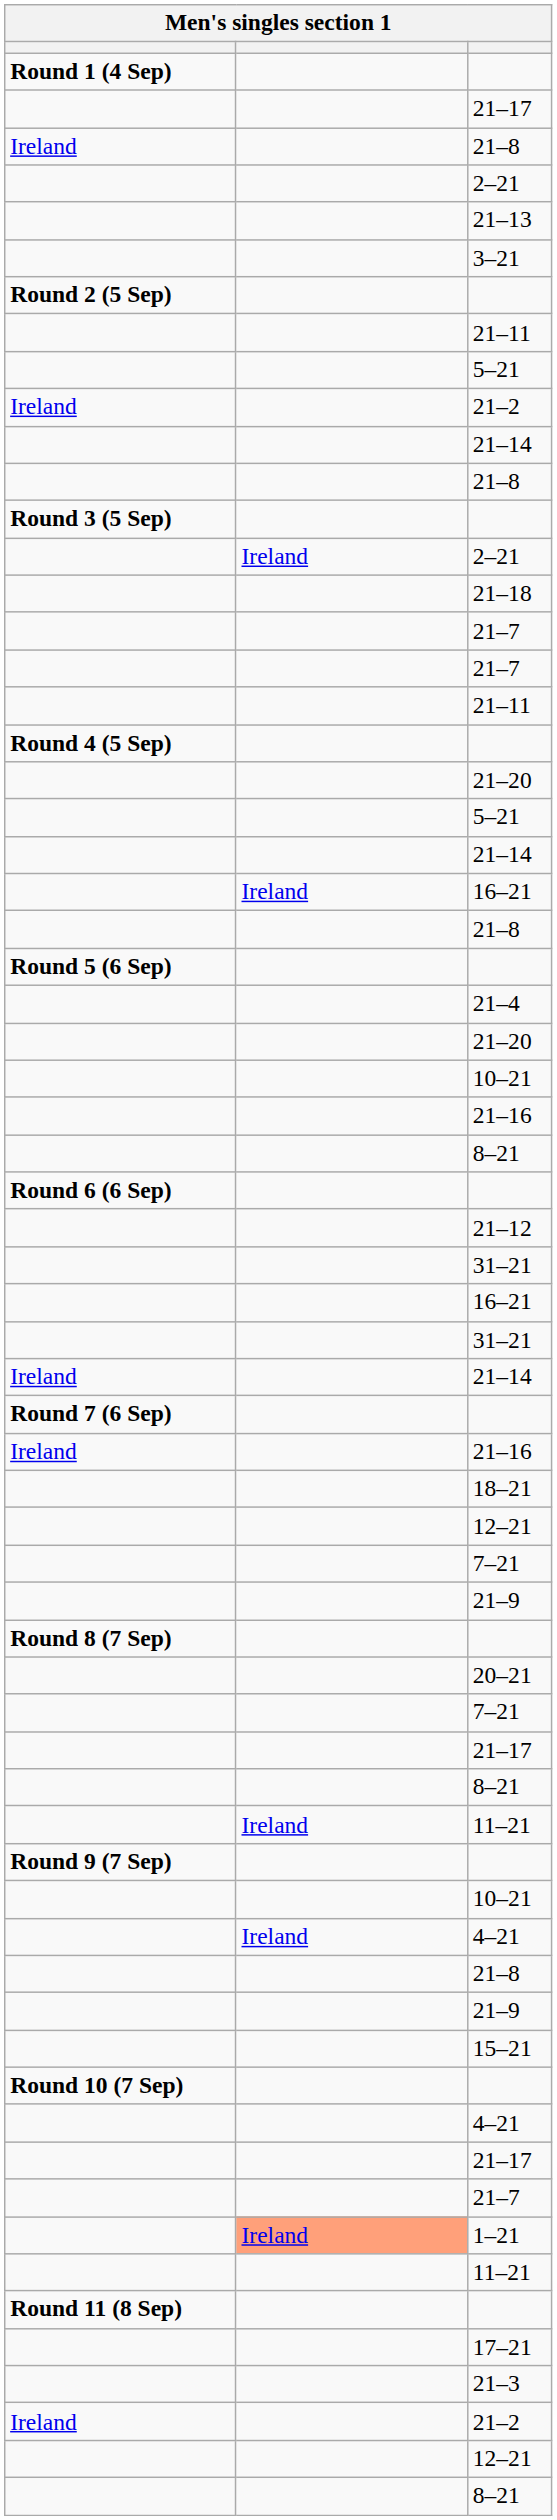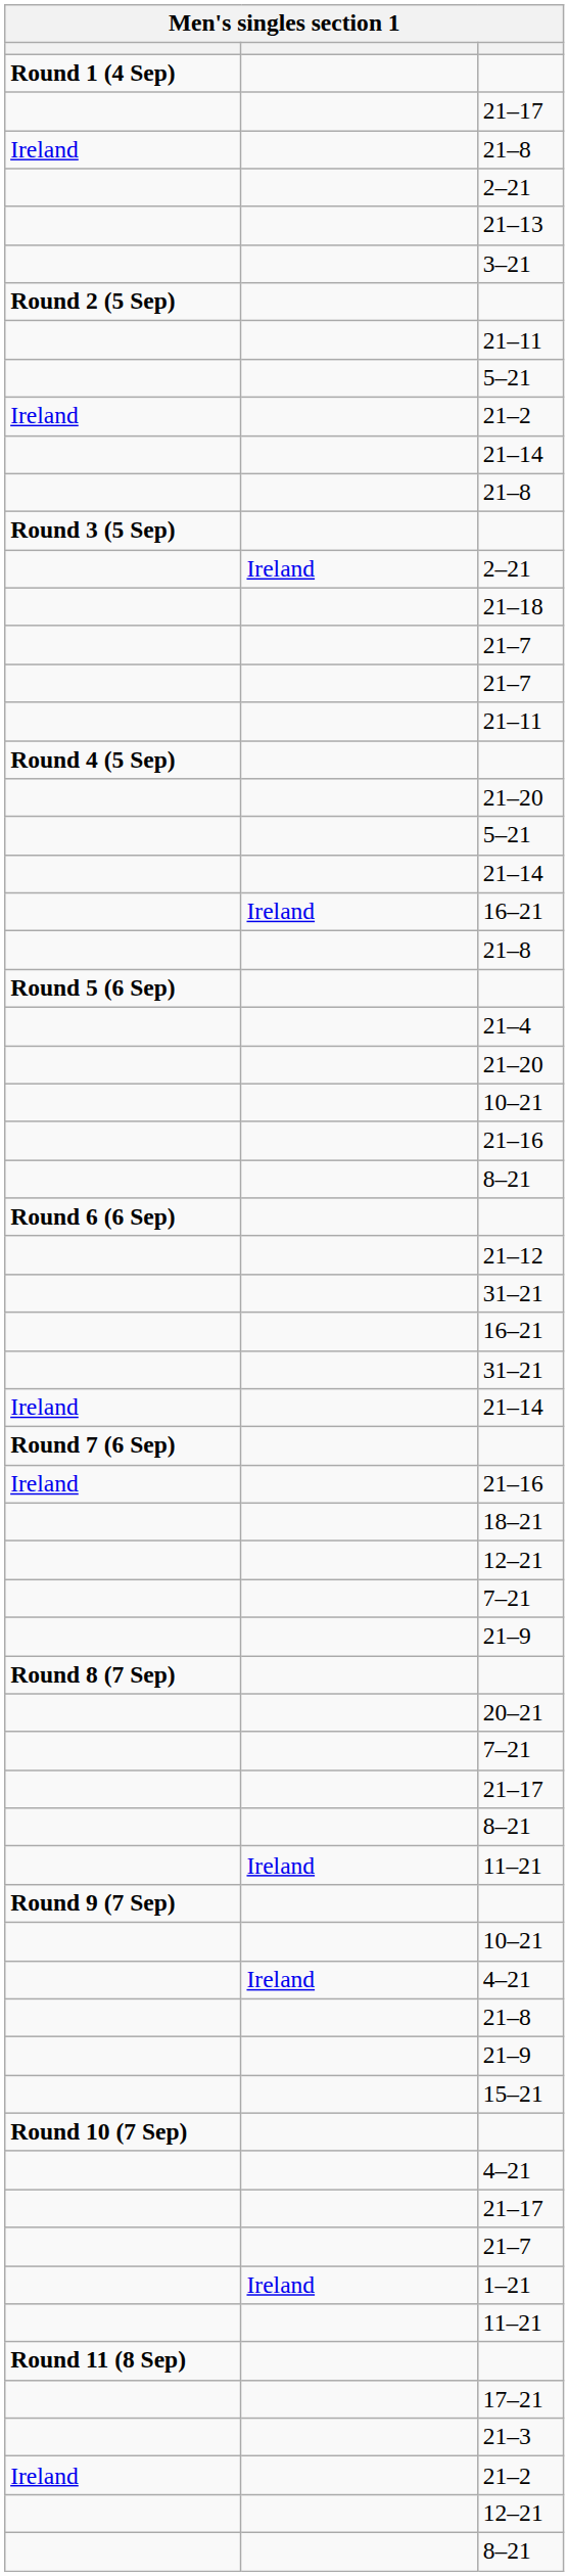 <table class="wikitable">
 <tr>
 <th colspan="3">Men's singles section 1</th>
 </tr>
 <tr>
 <th width=150></th>
 <th width=150></th>
 <th width=50></th>
 </tr>
 <tr>
 <td><strong>Round 1 (4 Sep)</strong></td>
 <td></td>
 <td></td>
 </tr>
 <tr>
 <td></td>
 <td></td>
 <td>21–17</td>
 </tr>
 <tr>
 <td> <a href='#'>Ireland</a></td>
 <td></td>
 <td>21–8</td>
 </tr>
 <tr>
 <td></td>
 <td></td>
 <td>2–21</td>
 </tr>
 <tr>
 <td></td>
 <td></td>
 <td>21–13</td>
 </tr>
 <tr>
 <td></td>
 <td></td>
 <td>3–21</td>
 </tr>
 <tr>
 <td><strong>Round 2 (5 Sep)</strong></td>
 <td></td>
 <td></td>
 </tr>
 <tr>
 <td></td>
 <td></td>
 <td>21–11</td>
 </tr>
 <tr>
 <td></td>
 <td></td>
 <td>5–21</td>
 </tr>
 <tr>
 <td> <a href='#'>Ireland</a></td>
 <td></td>
 <td>21–2</td>
 </tr>
 <tr>
 <td></td>
 <td></td>
 <td>21–14</td>
 </tr>
 <tr>
 <td></td>
 <td></td>
 <td>21–8</td>
 </tr>
 <tr>
 <td><strong>Round 3 (5 Sep)</strong></td>
 <td></td>
 <td></td>
 </tr>
 <tr>
 <td></td>
 <td> <a href='#'>Ireland</a></td>
 <td>2–21</td>
 </tr>
 <tr>
 <td></td>
 <td></td>
 <td>21–18</td>
 </tr>
 <tr>
 <td></td>
 <td></td>
 <td>21–7</td>
 </tr>
 <tr>
 <td></td>
 <td></td>
 <td>21–7</td>
 </tr>
 <tr>
 <td></td>
 <td></td>
 <td>21–11</td>
 </tr>
 <tr>
 <td><strong>Round 4 (5 Sep)</strong></td>
 <td></td>
 <td></td>
 </tr>
 <tr>
 <td></td>
 <td></td>
 <td>21–20</td>
 </tr>
 <tr>
 <td></td>
 <td></td>
 <td>5–21</td>
 </tr>
 <tr>
 <td></td>
 <td></td>
 <td>21–14</td>
 </tr>
 <tr>
 <td></td>
 <td> <a href='#'>Ireland</a></td>
 <td>16–21</td>
 </tr>
 <tr>
 <td></td>
 <td></td>
 <td>21–8</td>
 </tr>
 <tr>
 <td><strong>Round 5 (6 Sep)</strong></td>
 <td></td>
 <td></td>
 </tr>
 <tr>
 <td></td>
 <td></td>
 <td>21–4</td>
 </tr>
 <tr>
 <td></td>
 <td></td>
 <td>21–20</td>
 </tr>
 <tr>
 <td></td>
 <td></td>
 <td>10–21</td>
 </tr>
 <tr>
 <td></td>
 <td></td>
 <td>21–16</td>
 </tr>
 <tr>
 <td></td>
 <td></td>
 <td>8–21</td>
 </tr>
 <tr>
 <td><strong>Round 6 (6 Sep)</strong></td>
 <td></td>
 <td></td>
 </tr>
 <tr>
 <td></td>
 <td></td>
 <td>21–12</td>
 </tr>
 <tr>
 <td></td>
 <td></td>
 <td>31–21</td>
 </tr>
 <tr>
 <td></td>
 <td></td>
 <td>16–21</td>
 </tr>
 <tr>
 <td></td>
 <td></td>
 <td>31–21</td>
 </tr>
 <tr>
 <td> <a href='#'>Ireland</a></td>
 <td></td>
 <td>21–14</td>
 </tr>
 <tr>
 <td><strong>Round 7 (6 Sep)</strong></td>
 <td></td>
 <td></td>
 </tr>
 <tr>
 <td> <a href='#'>Ireland</a></td>
 <td></td>
 <td>21–16</td>
 </tr>
 <tr>
 <td></td>
 <td></td>
 <td>18–21</td>
 </tr>
 <tr>
 <td></td>
 <td></td>
 <td>12–21</td>
 </tr>
 <tr>
 <td></td>
 <td></td>
 <td>7–21</td>
 </tr>
 <tr>
 <td></td>
 <td></td>
 <td>21–9</td>
 </tr>
 <tr>
 <td><strong>Round 8 (7 Sep)</strong></td>
 <td></td>
 <td></td>
 </tr>
 <tr>
 <td></td>
 <td></td>
 <td>20–21</td>
 </tr>
 <tr>
 <td></td>
 <td></td>
 <td>7–21</td>
 </tr>
 <tr>
 <td></td>
 <td></td>
 <td>21–17</td>
 </tr>
 <tr>
 <td></td>
 <td></td>
 <td>8–21</td>
 </tr>
 <tr>
 <td></td>
 <td> <a href='#'>Ireland</a></td>
 <td>11–21</td>
 </tr>
 <tr>
 <td><strong>Round 9 (7 Sep)</strong></td>
 <td></td>
 <td></td>
 </tr>
 <tr>
 <td></td>
 <td></td>
 <td>10–21</td>
 </tr>
 <tr>
 <td></td>
 <td> <a href='#'>Ireland</a></td>
 <td>4–21</td>
 </tr>
 <tr>
 <td></td>
 <td></td>
 <td>21–8</td>
 </tr>
 <tr>
 <td></td>
 <td></td>
 <td>21–9</td>
 </tr>
 <tr>
 <td></td>
 <td></td>
 <td>15–21</td>
 </tr>
 <tr>
 <td><strong>Round 10 (7 Sep)</strong></td>
 <td></td>
 <td></td>
 </tr>
 <tr>
 <td></td>
 <td></td>
 <td>4–21</td>
 </tr>
 <tr>
 <td></td>
 <td></td>
 <td>21–17</td>
 </tr>
 <tr>
 <td></td>
 <td></td>
 <td>21–7</td>
 </tr>
 <tr>
 <td></td>
-<td style="background: lightsalmon;"> <a href='#'>Ireland</a></td>
+<td> <a href='#'>Ireland</a></td>
 <td>1–21</td>
 </tr>
 <tr>
 <td></td>
 <td></td>
 <td>11–21</td>
 </tr>
 <tr>
 <td><strong>Round 11 (8 Sep)</strong></td>
 <td></td>
 <td></td>
 </tr>
 <tr>
 <td></td>
 <td></td>
 <td>17–21</td>
 </tr>
 <tr>
 <td></td>
 <td></td>
 <td>21–3</td>
 </tr>
 <tr>
 <td> <a href='#'>Ireland</a></td>
 <td></td>
 <td>21–2</td>
 </tr>
 <tr>
 <td></td>
 <td></td>
 <td>12–21</td>
 </tr>
 <tr>
 <td></td>
 <td></td>
 <td>8–21</td>
 </tr>
 </table>
